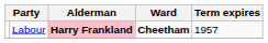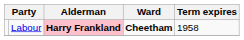 <table class="wikitable">
 <tr>
 <th colspan="2">Party</th>
 <th>Alderman</th>
 <th>Ward</th>
 <th>Term expires</th>
 </tr>
 <tr>
 <td style="background-color:"></td>
 <td><a href='#'>Labour</a></td>
 <td style="background: pink;"><strong>Harry Frankland</strong></td>
 <td><strong>Cheetham</strong></td>
-<td>1957</td>
+<td>1958</td>
 </tr>
 <tr>
 </tr>
 </table>
